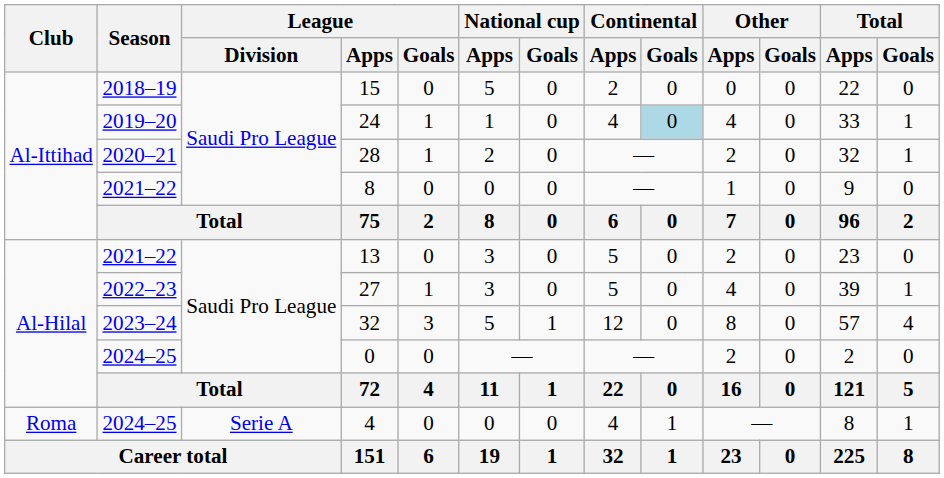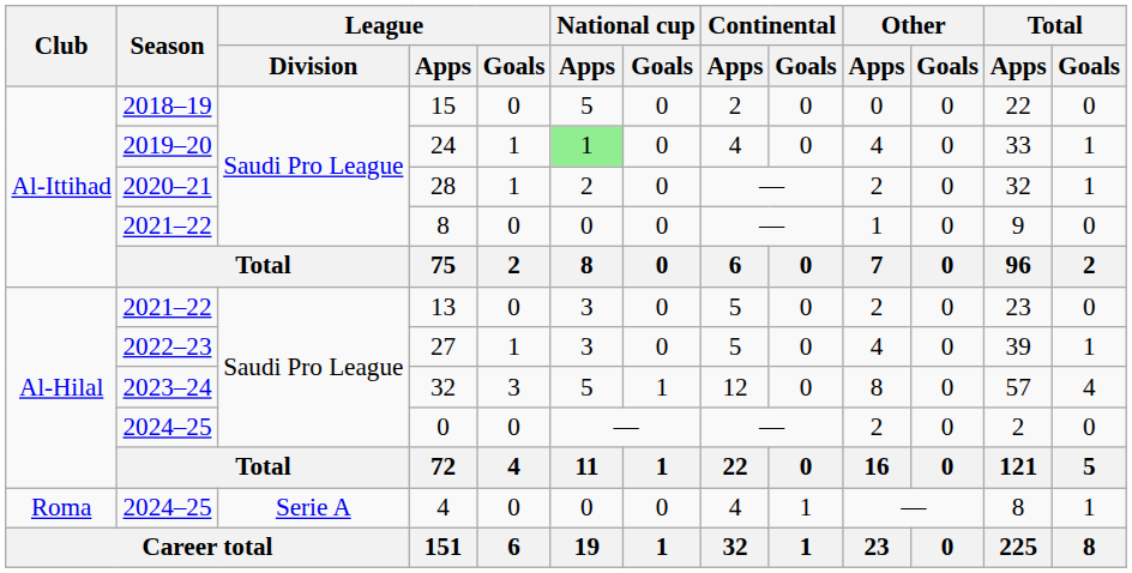 <table class="wikitable" style="text-align: center">
 <tr>
 <th rowspan=2>Club</th>
 <th rowspan=2>Season</th>
 <th colspan=3>League</th>
 <th colspan=2>National cup</th>
 <th colspan=2>Continental</th>
 <th colspan=2>Other</th>
 <th colspan=2>Total</th>
 </tr>
 <tr>
 <th>Division</th>
 <th>Apps</th>
 <th>Goals</th>
 <th>Apps</th>
 <th>Goals</th>
 <th>Apps</th>
 <th>Goals</th>
 <th>Apps</th>
 <th>Goals</th>
 <th>Apps</th>
 <th>Goals</th>
 </tr>
 <tr>
 <td rowspan=5><a href='#'>Al-Ittihad</a></td>
 <td><a href='#'>2018–19</a></td>
 <td rowspan=4><a href='#'>Saudi Pro League</a></td>
 <td>15</td>
 <td>0</td>
 <td>5</td>
 <td>0</td>
 <td>2</td>
 <td>0</td>
 <td>0</td>
 <td>0</td>
 <td>22</td>
 <td>0</td>
 </tr>
 <tr>
 <td><a href='#'>2019–20</a></td>
 <td>24</td>
 <td>1</td>
-<td>1</td>
+<td style="background: lightgreen;">1</td>
 <td>0</td>
 <td>4</td>
-<td style="background: lightblue;">0</td>
+<td>0</td>
 <td>4</td>
 <td>0</td>
 <td>33</td>
 <td>1</td>
 </tr>
 <tr>
 <td><a href='#'>2020–21</a></td>
 <td>28</td>
 <td>1</td>
 <td>2</td>
 <td>0</td>
 <td colspan=2>—</td>
 <td>2</td>
 <td>0</td>
 <td>32</td>
 <td>1</td>
 </tr>
 <tr>
 <td><a href='#'>2021–22</a></td>
 <td>8</td>
 <td>0</td>
 <td>0</td>
 <td>0</td>
 <td colspan=2>—</td>
 <td>1</td>
 <td>0</td>
 <td>9</td>
 <td>0</td>
 </tr>
 <tr>
 <th colspan=2>Total</th>
 <th>75</th>
 <th>2</th>
 <th>8</th>
 <th>0</th>
 <th>6</th>
 <th>0</th>
 <th>7</th>
 <th>0</th>
 <th>96</th>
 <th>2</th>
 </tr>
 <tr>
 <td rowspan=5><a href='#'>Al-Hilal</a></td>
 <td><a href='#'>2021–22</a></td>
 <td rowspan=4>Saudi Pro League</td>
 <td>13</td>
 <td>0</td>
 <td>3</td>
 <td>0</td>
 <td>5</td>
 <td>0</td>
 <td>2</td>
 <td>0</td>
 <td>23</td>
 <td>0</td>
 </tr>
 <tr>
 <td><a href='#'>2022–23</a></td>
 <td>27</td>
 <td>1</td>
 <td>3</td>
 <td>0</td>
 <td>5</td>
 <td>0</td>
 <td>4</td>
 <td>0</td>
 <td>39</td>
 <td>1</td>
 </tr>
 <tr>
 <td><a href='#'>2023–24</a></td>
 <td>32</td>
 <td>3</td>
 <td>5</td>
 <td>1</td>
 <td>12</td>
 <td>0</td>
 <td>8</td>
 <td>0</td>
 <td>57</td>
 <td>4</td>
 </tr>
 <tr>
 <td><a href='#'>2024–25</a></td>
 <td>0</td>
 <td>0</td>
 <td colspan=2>—</td>
 <td colspan=2>—</td>
 <td>2</td>
 <td>0</td>
 <td>2</td>
 <td>0</td>
 </tr>
 <tr>
 <th colspan=2>Total</th>
 <th>72</th>
 <th>4</th>
 <th>11</th>
 <th>1</th>
 <th>22</th>
 <th>0</th>
 <th>16</th>
 <th>0</th>
 <th>121</th>
 <th>5</th>
 </tr>
 <tr>
 <td><a href='#'>Roma</a></td>
 <td><a href='#'>2024–25</a></td>
 <td><a href='#'>Serie A</a></td>
 <td>4</td>
 <td>0</td>
 <td>0</td>
 <td>0</td>
 <td>4</td>
 <td>1</td>
 <td colspan=2>—</td>
 <td>8</td>
 <td>1</td>
 </tr>
 <tr>
 <th colspan=3>Career total</th>
 <th>151</th>
 <th>6</th>
 <th>19</th>
 <th>1</th>
 <th>32</th>
 <th>1</th>
 <th>23</th>
 <th>0</th>
 <th>225</th>
 <th>8</th>
 </tr>
 </table>
